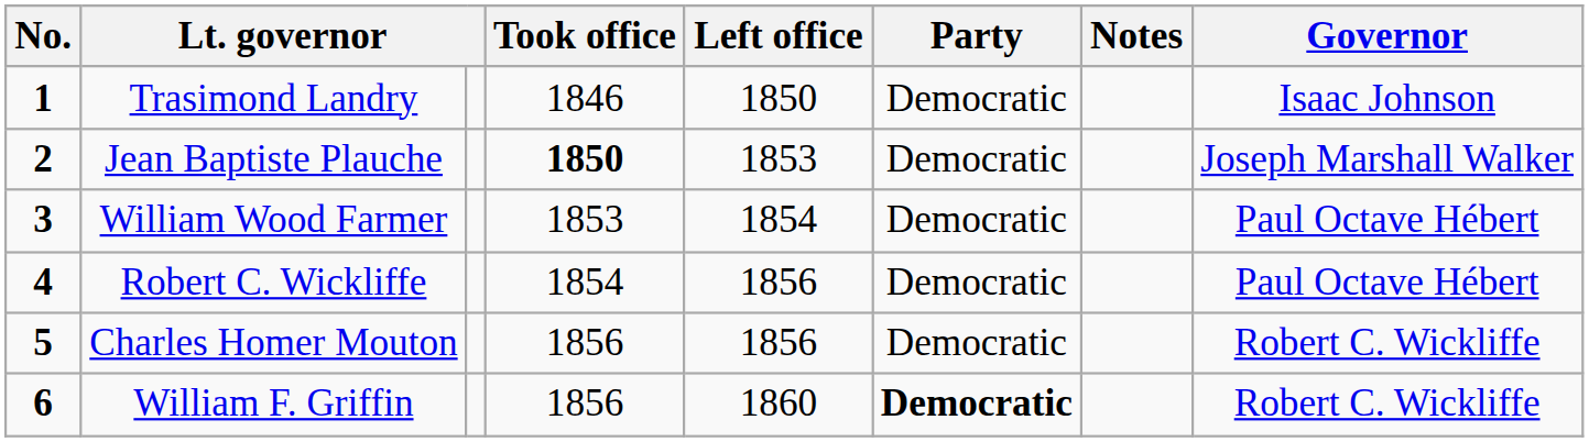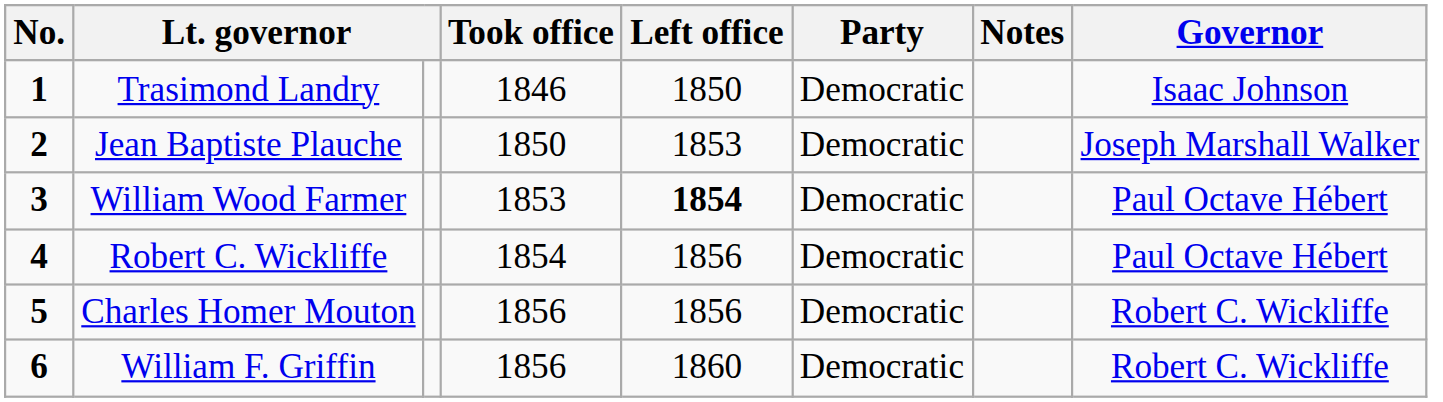 <table class="wikitable" style="text-align:center">
 <tr style="background:#cccccc">
 <th>No.</th>
 <th colspan=2>Lt. governor</th>
 <th>Took office</th>
 <th>Left office</th>
 <th>Party</th>
 <th>Notes</th>
 <th><a href='#'>Governor</a></th>
 </tr>
 <tr>
 <td><strong>1</strong></td>
 <td><a href='#'>Trasimond Landry</a></td>
 <td></td>
 <td>1846</td>
 <td>1850</td>
 <td>Democratic</td>
 <td></td>
 <td><a href='#'>Isaac Johnson</a></td>
 </tr>
 <tr>
 <td><strong>2</strong></td>
 <td><a href='#'>Jean Baptiste Plauche</a></td>
 <td></td>
-<td><strong>1850</strong></td>
+<td>1850</td>
 <td>1853</td>
 <td>Democratic</td>
 <td></td>
 <td><a href='#'>Joseph Marshall Walker</a></td>
 </tr>
 <tr>
 <td><strong>3</strong></td>
 <td><a href='#'>William Wood Farmer</a></td>
 <td></td>
 <td>1853</td>
-<td>1854</td>
+<td><strong>1854</strong></td>
 <td>Democratic</td>
 <td></td>
 <td><a href='#'>Paul Octave Hébert</a></td>
 </tr>
 <tr>
 <td><strong>4</strong></td>
 <td><a href='#'>Robert C. Wickliffe</a></td>
 <td></td>
 <td>1854</td>
 <td>1856</td>
 <td>Democratic</td>
 <td></td>
 <td><a href='#'>Paul Octave Hébert</a></td>
 </tr>
 <tr>
 <td><strong>5</strong></td>
 <td><a href='#'>Charles Homer Mouton</a></td>
 <td></td>
 <td>1856</td>
 <td>1856</td>
 <td>Democratic</td>
 <td></td>
 <td><a href='#'>Robert C. Wickliffe</a></td>
 </tr>
 <tr>
 <td><strong>6</strong></td>
 <td><a href='#'>William F. Griffin</a></td>
 <td></td>
 <td>1856</td>
 <td>1860</td>
-<td><strong>Democratic</strong></td>
+<td>Democratic</td>
 <td></td>
 <td><a href='#'>Robert C. Wickliffe</a></td>
 </tr>
 </table>
